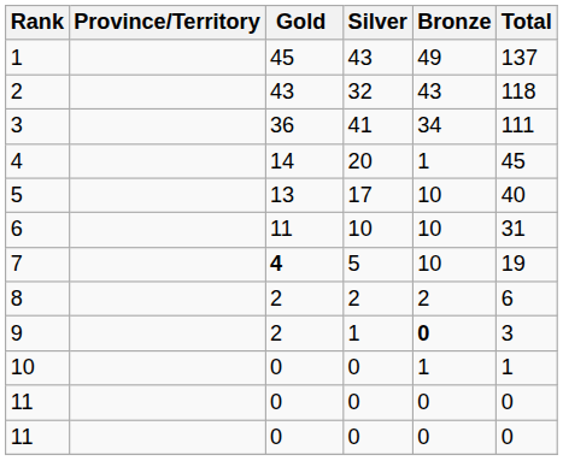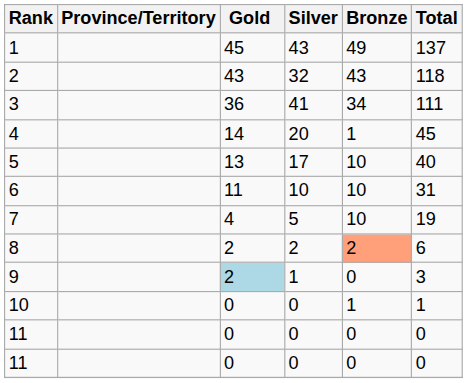 <table class="wikitable">
 <tr>
 <th><strong>Rank</strong></th>
 <th><strong>Province/Territory</strong></th>
 <th bgcolor="gold"><strong> Gold  </strong></th>
 <th bgcolor="silver"><strong>Silver</strong></th>
 <th bgcolor="CC9966"><strong>Bronze</strong></th>
 <th><strong>Total</strong></th>
 </tr>
 <tr>
 <td>1</td>
 <td></td>
 <td>45</td>
 <td>43</td>
 <td>49</td>
 <td>137</td>
 </tr>
 <tr>
 <td>2</td>
 <td></td>
 <td>43</td>
 <td>32</td>
 <td>43</td>
 <td>118</td>
 </tr>
 <tr>
 <td>3</td>
 <td><strong></strong></td>
 <td>36</td>
 <td>41</td>
 <td>34</td>
 <td>111</td>
 </tr>
 <tr>
 <td>4</td>
 <td></td>
 <td>14</td>
 <td>20</td>
 <td>1</td>
 <td>45</td>
 </tr>
 <tr>
 <td>5</td>
 <td></td>
 <td>13</td>
 <td>17</td>
 <td>10</td>
 <td>40</td>
 </tr>
 <tr>
 <td>6</td>
 <td></td>
 <td>11</td>
 <td>10</td>
 <td>10</td>
 <td>31</td>
 </tr>
 <tr>
 <td>7</td>
 <td></td>
-<td><strong>4</strong></td>
+<td>4</td>
 <td>5</td>
 <td>10</td>
 <td>19</td>
 </tr>
 <tr>
 <td>8</td>
 <td></td>
 <td>2</td>
 <td>2</td>
-<td>2</td>
+<td style="background: lightsalmon;">2</td>
 <td>6</td>
 </tr>
 <tr>
 <td>9</td>
 <td></td>
-<td>2</td>
+<td style="background: lightblue;">2</td>
 <td>1</td>
-<td><strong>0</strong></td>
+<td>0</td>
 <td>3</td>
 </tr>
 <tr>
 <td>10</td>
 <td></td>
 <td>0</td>
 <td>0</td>
 <td>1</td>
 <td>1</td>
 </tr>
 <tr>
 <td>11</td>
 <td></td>
 <td>0</td>
 <td>0</td>
 <td>0</td>
 <td>0</td>
 </tr>
 <tr>
 <td>11</td>
 <td></td>
 <td>0</td>
 <td>0</td>
 <td>0</td>
 <td>0</td>
 </tr>
 <tr>
 </tr>
 </table>
